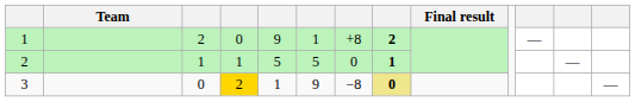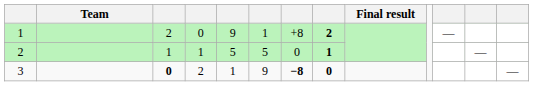 <table class="wikitable" style="text-align:center" width="700">
 <tr>
 <th width="5.5%"></th>
 <th width="20%">Team</th>
 <th width="5.5%"></th>
 <th width="5.5%"></th>
 <th width="5.5%"></th>
 <th width="5.5%"></th>
 <th width="5.5%"></th>
 <th width="5.5%"></th>
 <th width="14%">Final result</th>
 <td rowspan="4" width="1%"></td>
 <th width="5.5%"></th>
 <th width="5.5%"></th>
 <th width="5.5%"></th>
 </tr>
 <tr bgcolor="bbf3bb">
 <td>1</td>
 <td style="text-align:left"></td>
 <td>2</td>
 <td>0</td>
 <td>9</td>
 <td>1</td>
 <td>+8</td>
 <td><strong>2</strong></td>
 <td rowspan="2"></td>
 <td bgcolor="ffffff">—</td>
 <td bgcolor="ffffff"></td>
 <td bgcolor="ffffff"></td>
 </tr>
 <tr bgcolor="bbf3bb">
 <td>2</td>
 <td style="text-align:left"></td>
 <td>1</td>
 <td>1</td>
 <td>5</td>
 <td>5</td>
 <td>0</td>
 <td><strong>1</strong></td>
 <td bgcolor="ffffff"></td>
 <td bgcolor="ffffff">—</td>
 <td bgcolor="ffffff"></td>
 </tr>
 <tr>
 <td>3</td>
 <td style="text-align:left"></td>
-<td>0</td>
-<td style="background: gold;">2</td>
+<td><strong>0</strong></td>
+<td>2</td>
 <td>1</td>
 <td>9</td>
-<td>−8</td>
-<td style="background: khaki;"><strong>0</strong></td>
+<td><strong>−8</strong></td>
+<td><strong>0</strong></td>
 <td></td>
 <td bgcolor="ffffff"></td>
 <td bgcolor="ffffff"></td>
 <td bgcolor="ffffff">—</td>
 </tr>
 </table>
